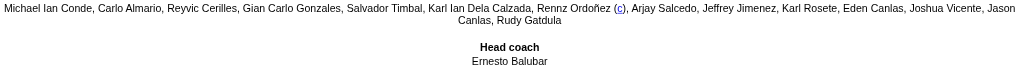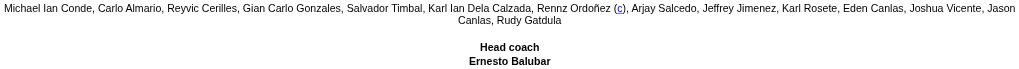 <table style="text-align: center; margin-top: 2em; margin-left: auto; margin-right: auto">
 <tr>
 <td>Michael Ian Conde, Carlo Almario, Reyvic Cerilles, Gian Carlo Gonzales, Salvador Timbal, Karl Ian Dela Calzada, Rennz Ordoñez (<a href='#'>c</a>), Arjay Salcedo, Jeffrey Jimenez, Karl Rosete, Eden Canlas, Joshua Vicente, Jason Canlas, Rudy Gatdula</td>
 </tr>
 <tr>
 <td><br><strong>Head coach</strong></td>
 </tr>
 <tr>
-<td>Ernesto Balubar</td>
+<td><strong>Ernesto Balubar</strong></td>
 </tr>
 </table>
